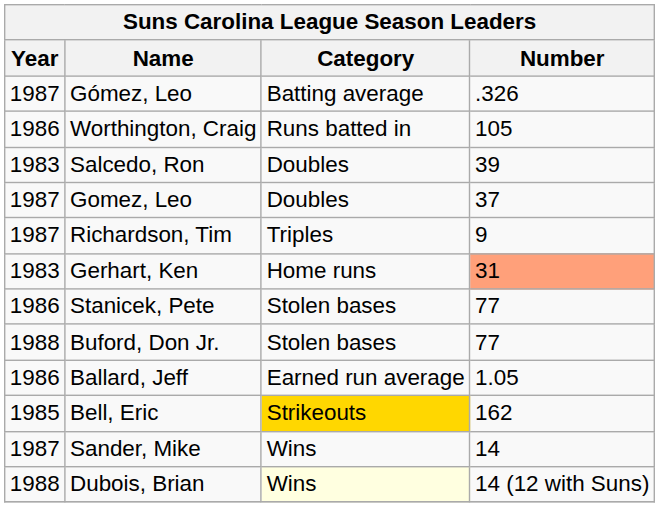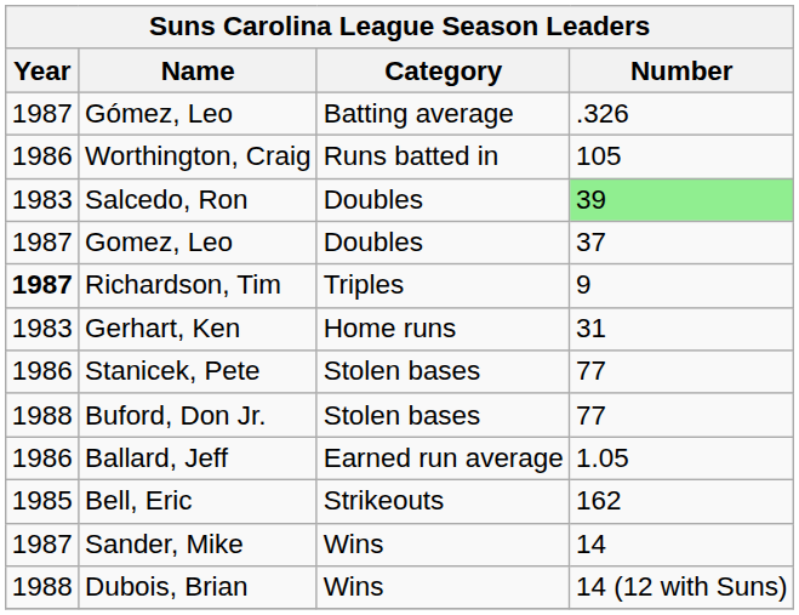 <table class="wikitable sortable collapsible collapsed ">
 <tr>
 <th colspan="4">Suns Carolina League Season Leaders</th>
 </tr>
 <tr>
 <th>Year</th>
 <th>Name</th>
 <th>Category</th>
 <th>Number</th>
 </tr>
 <tr>
 <td>1987</td>
 <td>Gómez, Leo</td>
 <td>Batting average</td>
 <td>.326</td>
 </tr>
 <tr>
 <td>1986</td>
 <td>Worthington, Craig</td>
 <td>Runs batted in</td>
 <td>105</td>
 </tr>
 <tr>
 <td>1983</td>
 <td>Salcedo, Ron</td>
 <td>Doubles</td>
-<td>39</td>
+<td style="background: lightgreen;">39</td>
 </tr>
 <tr>
 <td>1987</td>
 <td>Gomez, Leo</td>
 <td>Doubles</td>
 <td>37</td>
 </tr>
 <tr>
-<td>1987</td>
+<td><strong>1987</strong></td>
 <td>Richardson, Tim</td>
 <td>Triples</td>
 <td>9</td>
 </tr>
 <tr>
 <td>1983</td>
 <td>Gerhart, Ken</td>
 <td>Home runs</td>
-<td style="background: lightsalmon;">31</td>
+<td>31</td>
 </tr>
 <tr>
 <td>1986</td>
 <td>Stanicek, Pete</td>
 <td>Stolen bases</td>
 <td>77</td>
 </tr>
 <tr>
 <td>1988</td>
 <td>Buford, Don  Jr.</td>
 <td>Stolen bases</td>
 <td>77</td>
 </tr>
 <tr>
 <td>1986</td>
 <td>Ballard, Jeff</td>
 <td>Earned run average</td>
 <td>1.05</td>
 </tr>
 <tr>
 <td>1985</td>
 <td>Bell, Eric</td>
-<td style="background: gold;">Strikeouts</td>
+<td>Strikeouts</td>
 <td>162</td>
 </tr>
 <tr>
 <td>1987</td>
 <td>Sander, Mike</td>
 <td>Wins</td>
 <td>14</td>
 </tr>
 <tr>
 <td>1988</td>
 <td>Dubois, Brian</td>
-<td style="background: lightyellow;">Wins</td>
+<td>Wins</td>
 <td>14 (12 with Suns)</td>
 </tr>
 <tr>
 </tr>
 </table>
